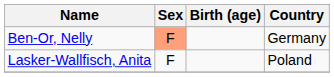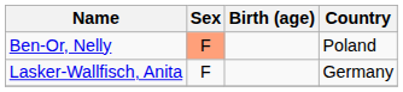 <table class="wikitable sortable">
 <tr>
 <th>Name</th>
 <th>Sex</th>
 <th>Birth (age)</th>
 <th>Country</th>
 </tr>
 <tr>
 <td><a href='#'>Ben-Or, Nelly</a></td>
 <td style="background: lightsalmon; text-align:center">F</td>
 <td></td>
-<td>Germany</td>
+<td>Poland</td>
 </tr>
 <tr>
 <td><a href='#'>Lasker-Wallfisch, Anita</a></td>
 <td style="text-align:center">F</td>
 <td></td>
-<td>Poland</td>
+<td>Germany</td>
 </tr>
 <tr>
 </tr>
 </table>
